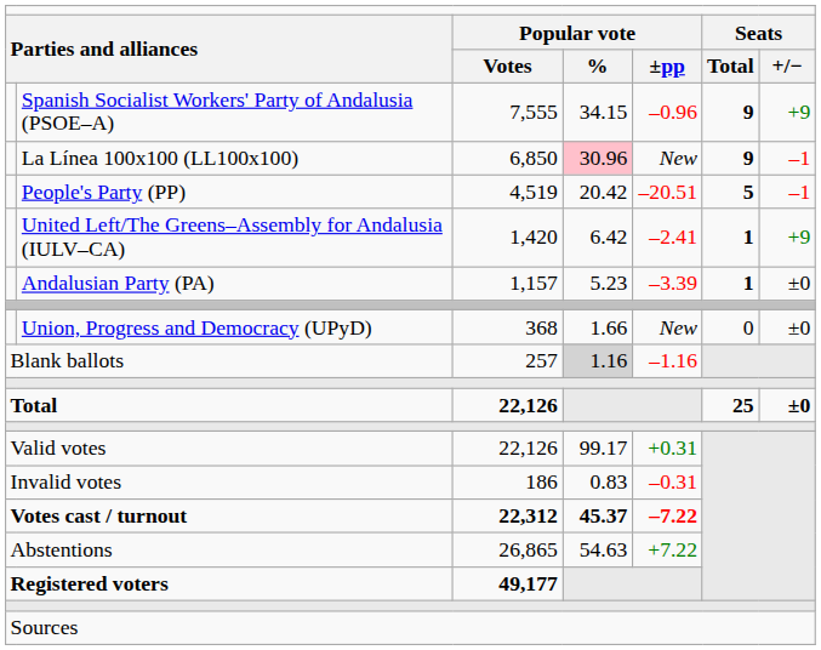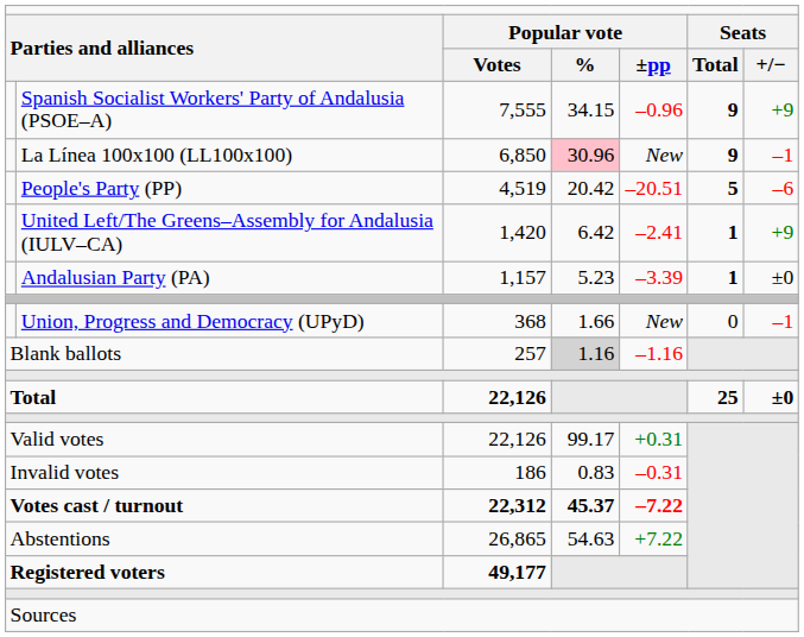 <table class="wikitable" style="text-align:right;">
 <tr>
 <td colspan="7"></td>
 </tr>
 <tr>
 <th style="text-align:left;" rowspan="2" colspan="2" width="525">Parties and alliances</th>
 <th colspan="3">Popular vote</th>
 <th colspan="2">Seats</th>
 </tr>
 <tr>
 <th width="75">Votes</th>
 <th width="45">%</th>
 <th width="45">±<a href='#'>pp</a></th>
 <th width="35">Total</th>
 <th width="35">+/−</th>
 </tr>
 <tr>
 <td width="1" style="color:inherit;background:"></td>
 <td align="left"><a href='#'>Spanish Socialist Workers' Party of Andalusia</a> (PSOE–A)</td>
 <td>7,555</td>
 <td>34.15</td>
 <td style="color:red;">–0.96</td>
 <td><strong>9</strong></td>
 <td style="color:green;">+9</td>
 </tr>
 <tr>
 <td style="color:inherit;background:"></td>
 <td align="left">La Línea 100x100 (LL100x100)</td>
 <td>6,850</td>
 <td style="background: pink;">30.96</td>
 <td><em>New</em></td>
 <td><strong>9</strong></td>
 <td style="color:red;">–1</td>
 </tr>
 <tr>
 <td style="color:inherit;background:"></td>
 <td align="left"><a href='#'>People's Party</a> (PP)</td>
 <td>4,519</td>
 <td>20.42</td>
 <td style="color:red;">–20.51</td>
 <td><strong>5</strong></td>
-<td style="color:red;">–1</td>
+<td style="color:red;">–6</td>
 </tr>
 <tr>
 <td style="color:inherit;background:"></td>
 <td align="left"><a href='#'>United Left/The Greens–Assembly for Andalusia</a> (IULV–CA)</td>
 <td>1,420</td>
 <td>6.42</td>
 <td style="color:red;">–2.41</td>
 <td><strong>1</strong></td>
 <td style="color:green;">+9</td>
 </tr>
 <tr>
 <td style="color:inherit;background:"></td>
 <td align="left"><a href='#'>Andalusian Party</a> (PA)</td>
 <td>1,157</td>
 <td>5.23</td>
 <td style="color:red;">–3.39</td>
 <td><strong>1</strong></td>
 <td>±0</td>
 </tr>
 <tr>
 <td colspan="7" bgcolor="#C0C0C0"></td>
 </tr>
 <tr>
 <td style="color:inherit;background:"></td>
 <td align="left"><a href='#'>Union, Progress and Democracy</a> (UPyD)</td>
 <td>368</td>
 <td>1.66</td>
 <td><em>New</em></td>
 <td>0</td>
-<td>±0</td>
+<td style="color:red;">–1</td>
 </tr>
 <tr>
 <td align="left" colspan="2">Blank ballots</td>
 <td>257</td>
 <td style="background: lightgrey;">1.16</td>
 <td style="color:red;">–1.16</td>
 <td bgcolor="#E9E9E9" colspan="2"></td>
 </tr>
 <tr>
 <td colspan="7" bgcolor="#E9E9E9"></td>
 </tr>
 <tr style="font-weight:bold;">
 <td align="left" colspan="2">Total</td>
 <td>22,126</td>
 <td bgcolor="#E9E9E9" colspan="2"></td>
 <td>25</td>
 <td>±0</td>
 </tr>
 <tr>
 <td colspan="7" bgcolor="#E9E9E9"></td>
 </tr>
 <tr>
 <td align="left" colspan="2">Valid votes</td>
 <td>22,126</td>
 <td>99.17</td>
 <td style="color:green;">+0.31</td>
 <td bgcolor="#E9E9E9" colspan="2" rowspan="5"></td>
 </tr>
 <tr>
 <td align="left" colspan="2">Invalid votes</td>
 <td>186</td>
 <td>0.83</td>
 <td style="color:red;">–0.31</td>
 </tr>
 <tr style="font-weight:bold;">
 <td align="left" colspan="2">Votes cast / turnout</td>
 <td>22,312</td>
 <td>45.37</td>
 <td style="color:red;">–7.22</td>
 </tr>
 <tr>
 <td align="left" colspan="2">Abstentions</td>
 <td>26,865</td>
 <td>54.63</td>
 <td style="color:green;">+7.22</td>
 </tr>
 <tr style="font-weight:bold;">
 <td align="left" colspan="2">Registered voters</td>
 <td>49,177</td>
 <td bgcolor="#E9E9E9" colspan="2"></td>
 </tr>
 <tr>
 <td colspan="7" bgcolor="#E9E9E9"></td>
 </tr>
 <tr>
 <td align="left" colspan="7">Sources</td>
 </tr>
 </table>
